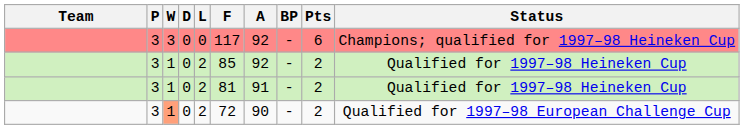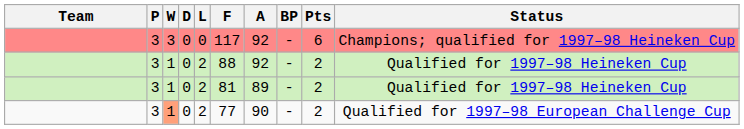 <table class="wikitable" style="text-align:center;">
 <tr>
 <th width="120px">Team</th>
 <th>P</th>
 <th>W</th>
 <th>D</th>
 <th>L</th>
 <th width="23px">F</th>
 <th width="23px">A</th>
 <th>BP</th>
 <th width="23px">Pts</th>
 <th>Status</th>
 </tr>
 <tr bgcolor="#FF8888">
 <td></td>
 <td>3</td>
 <td>3</td>
 <td>0</td>
 <td>0</td>
 <td>117</td>
 <td>92</td>
 <td>-</td>
 <td>6</td>
 <td>Champions; qualified for <a href='#'>1997–98 Heineken Cup</a></td>
 </tr>
 <tr bgcolor="#D0F0C0">
 <td></td>
 <td>3</td>
 <td>1</td>
 <td>0</td>
 <td>2</td>
-<td>85</td>
+<td>88</td>
 <td>92</td>
 <td>-</td>
 <td>2</td>
 <td>Qualified for <a href='#'>1997–98 Heineken Cup</a></td>
 </tr>
 <tr bgcolor="#D0F0C0">
 <td></td>
 <td>3</td>
 <td>1</td>
 <td>0</td>
 <td>2</td>
 <td>81</td>
-<td>91</td>
+<td>89</td>
 <td>-</td>
 <td>2</td>
 <td>Qualified for <a href='#'>1997–98 Heineken Cup</a></td>
 </tr>
 <tr>
 <td></td>
 <td>3</td>
 <td style="background: lightsalmon;">1</td>
 <td>0</td>
 <td>2</td>
-<td>72</td>
+<td>77</td>
 <td>90</td>
 <td>-</td>
 <td>2</td>
 <td>Qualified for <a href='#'>1997–98 European Challenge Cup</a></td>
 </tr>
 </table>
